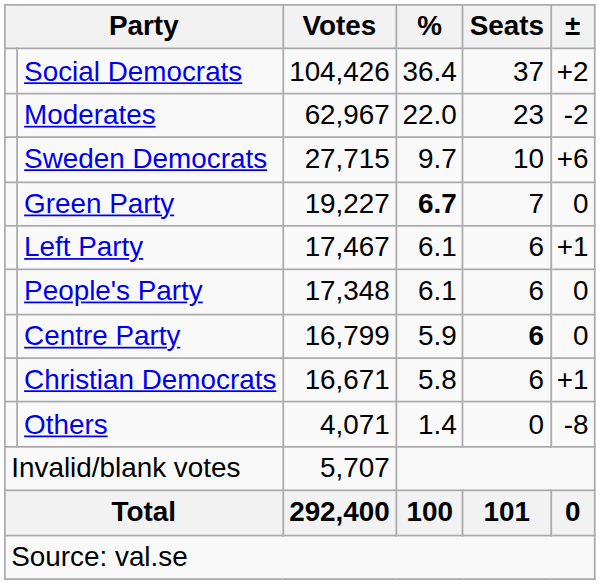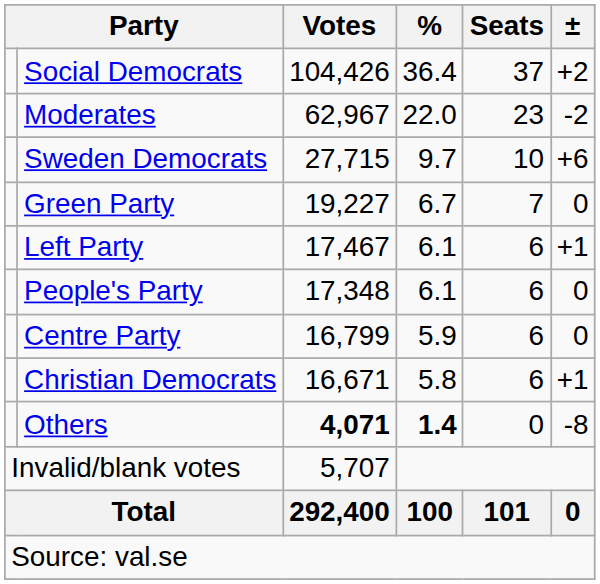 <table class=wikitable style=text-align:right>
 <tr>
 <th colspan=2>Party</th>
 <th>Votes</th>
 <th>%</th>
 <th>Seats</th>
 <th>±</th>
 </tr>
 <tr>
 <td bgcolor=></td>
 <td align=left><a href='#'>Social Democrats</a></td>
 <td>104,426</td>
 <td>36.4</td>
 <td>37</td>
 <td>+2</td>
 </tr>
 <tr>
 <td bgcolor=></td>
 <td align=left><a href='#'>Moderates</a></td>
 <td>62,967</td>
 <td>22.0</td>
 <td>23</td>
 <td>-2</td>
 </tr>
 <tr>
 <td bgcolor=></td>
 <td align=left><a href='#'>Sweden Democrats</a></td>
 <td>27,715</td>
 <td>9.7</td>
 <td>10</td>
 <td>+6</td>
 </tr>
 <tr>
 <td bgcolor=></td>
 <td align=left><a href='#'>Green Party</a></td>
 <td>19,227</td>
-<td><strong>6.7</strong></td>
+<td>6.7</td>
 <td>7</td>
 <td>0</td>
 </tr>
 <tr>
 <td bgcolor=></td>
 <td align=left><a href='#'>Left Party</a></td>
 <td>17,467</td>
 <td>6.1</td>
 <td>6</td>
 <td>+1</td>
 </tr>
 <tr>
 <td bgcolor=></td>
 <td align=left><a href='#'>People's Party</a></td>
 <td>17,348</td>
 <td>6.1</td>
 <td>6</td>
 <td>0</td>
 </tr>
 <tr>
 <td bgcolor=></td>
 <td align=left><a href='#'>Centre Party</a></td>
 <td>16,799</td>
 <td>5.9</td>
-<td><strong>6</strong></td>
+<td>6</td>
 <td>0</td>
 </tr>
 <tr>
 <td bgcolor=></td>
 <td align=left><a href='#'>Christian Democrats</a></td>
 <td>16,671</td>
 <td>5.8</td>
 <td>6</td>
 <td>+1</td>
 </tr>
 <tr>
 <td></td>
 <td align=left><a href='#'>Others</a></td>
-<td>4,071</td>
-<td>1.4</td>
+<td><strong>4,071</strong></td>
+<td><strong>1.4</strong></td>
 <td>0</td>
 <td>-8</td>
 </tr>
 <tr>
 <td align=left colspan=2>Invalid/blank votes</td>
 <td>5,707</td>
 <td colspan=3></td>
 </tr>
 <tr>
 <th align=left colspan=2>Total</th>
 <th>292,400</th>
 <th>100</th>
 <th>101</th>
 <th>0</th>
 </tr>
 <tr>
 <td align=left colspan=6>Source: val.se </td>
 </tr>
 </table>
